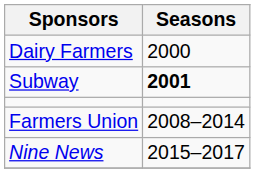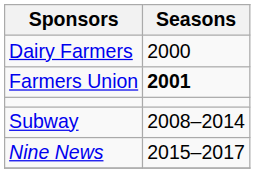 <table class="wikitable collapsible">
 <tr>
 <th>Sponsors</th>
 <th>Seasons</th>
 </tr>
 <tr>
 <td><a href='#'>Dairy Farmers</a></td>
 <td>2000</td>
 </tr>
 <tr>
-<td><a href='#'>Subway</a></td>
+<td><a href='#'>Farmers Union</a></td>
 <td><strong>2001</strong></td>
 </tr>
 <tr>
 <td></td>
 </tr>
 <tr>
-<td><a href='#'>Farmers Union</a></td>
+<td><a href='#'>Subway</a></td>
 <td>2008–2014</td>
 </tr>
 <tr>
 <td><em><a href='#'>Nine News</a></em> </td>
 <td>2015–2017</td>
 </tr>
 <tr>
 </tr>
 </table>
